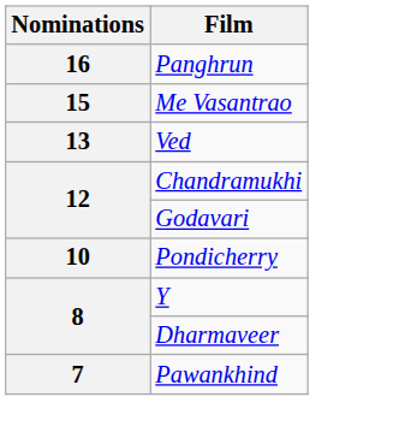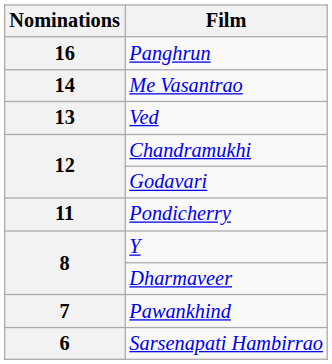 <table class="wikitable" style="display:inline-table;">
 <tr>
 <th>Nominations</th>
 <th>Film</th>
 </tr>
 <tr>
 <th>16</th>
 <td><em><a href='#'>Panghrun</a></em></td>
 </tr>
 <tr>
-<th>15</th>
+<th>14</th>
 <td><em><a href='#'>Me Vasantrao</a></em></td>
 </tr>
 <tr>
 <th>13</th>
 <td><em><a href='#'>Ved</a></em></td>
 </tr>
 <tr>
 <th rowspan="2">12</th>
 <td><em><a href='#'>Chandramukhi</a></em></td>
 </tr>
 <tr>
 <td><em><a href='#'>Godavari</a></em></td>
 </tr>
 <tr>
-<th>10</th>
+<th>11</th>
 <td><em><a href='#'>Pondicherry</a></em></td>
 </tr>
 <tr>
 <th rowspan="2">8</th>
 <td><em><a href='#'>Y</a></em></td>
 </tr>
 <tr>
 <td><em><a href='#'>Dharmaveer</a></em></td>
 </tr>
 <tr>
 <th>7</th>
 <td><em><a href='#'>Pawankhind</a></em></td>
 </tr>
+<tr>
+<th>6</th>
+<td><em><a href='#'>Sarsenapati Hambirrao</a></em></td>
+</tr>
 </table>
